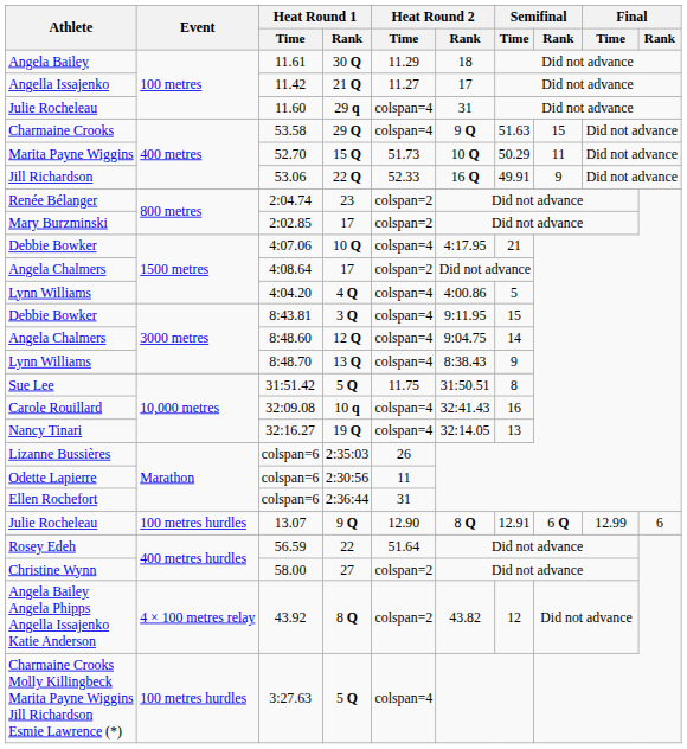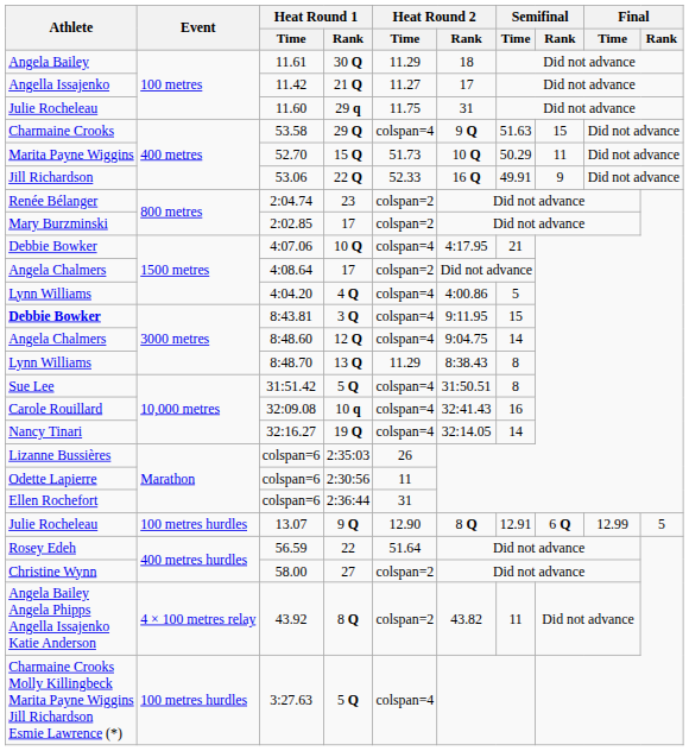 <table class=wikitable style="font-size:90%; text-align:center">
 <tr>
 <th rowspan=2>Athlete</th>
 <th rowspan=2>Event</th>
 <th colspan=2>Heat Round 1</th>
 <th colspan=2>Heat Round 2</th>
 <th colspan=2>Semifinal</th>
 <th colspan=2>Final</th>
 </tr>
 <tr style=font-size:95%>
 <th>Time</th>
 <th>Rank</th>
 <th>Time</th>
 <th>Rank</th>
 <th>Time</th>
 <th>Rank</th>
 <th>Time</th>
 <th>Rank</th>
 </tr>
 <tr align=center>
 <td align=left><a href='#'>Angela Bailey</a></td>
 <td align=left rowspan=3><a href='#'>100 metres</a></td>
 <td>11.61</td>
 <td>30 <strong>Q</strong></td>
 <td>11.29</td>
 <td>18</td>
 <td colspan=4>Did not advance</td>
 </tr>
 <tr align=center>
 <td align=left><a href='#'>Angella Issajenko</a></td>
 <td>11.42</td>
 <td>21 <strong>Q</strong></td>
 <td>11.27</td>
 <td>17</td>
 <td colspan=4>Did not advance</td>
 </tr>
 <tr align=center>
 <td align=left><a href='#'>Julie Rocheleau</a></td>
 <td>11.60</td>
 <td>29 <strong>q</strong></td>
-<td>colspan=4</td>
+<td>11.75</td>
 <td>31</td>
 <td colspan=4>Did not advance</td>
 </tr>
 <tr align=center>
 <td align=left><a href='#'>Charmaine Crooks</a></td>
 <td align=left rowspan=3><a href='#'>400 metres</a></td>
 <td>53.58</td>
 <td>29 <strong>Q</strong></td>
 <td>colspan=4</td>
 <td>9 <strong>Q</strong></td>
 <td>51.63</td>
 <td>15</td>
 <td colspan=2>Did not advance</td>
 </tr>
 <tr align=center>
 <td align=left><a href='#'>Marita Payne Wiggins</a></td>
 <td>52.70</td>
 <td>15 <strong>Q</strong></td>
 <td>51.73</td>
 <td>10 <strong>Q</strong></td>
 <td>50.29</td>
 <td>11</td>
 <td colspan=2>Did not advance</td>
 </tr>
 <tr align=center>
 <td align=left><a href='#'>Jill Richardson</a></td>
 <td>53.06</td>
 <td>22 <strong>Q</strong></td>
 <td>52.33</td>
 <td>16 <strong>Q</strong></td>
 <td>49.91</td>
 <td>9</td>
 <td colspan=2>Did not advance</td>
 </tr>
 <tr align=center>
 <td align=left><a href='#'>Renée Bélanger</a></td>
 <td align=left rowspan=2><a href='#'>800 metres</a></td>
 <td>2:04.74</td>
 <td>23</td>
 <td>colspan=2</td>
 <td colspan=4>Did not advance</td>
 </tr>
 <tr align=center>
 <td align=left><a href='#'>Mary Burzminski</a></td>
 <td>2:02.85</td>
 <td>17</td>
 <td>colspan=2</td>
 <td colspan=4>Did not advance</td>
 </tr>
 <tr align=center>
 <td align=left><a href='#'>Debbie Bowker</a></td>
 <td align=left rowspan=3><a href='#'>1500 metres</a></td>
 <td>4:07.06</td>
 <td>10 <strong>Q</strong></td>
 <td>colspan=4</td>
 <td>4:17.95</td>
 <td>21</td>
 </tr>
 <tr align=center>
 <td align=left><a href='#'>Angela Chalmers</a></td>
 <td>4:08.64</td>
 <td>17</td>
 <td>colspan=2</td>
 <td colspan=2>Did not advance</td>
 </tr>
 <tr align=center>
 <td align=left><a href='#'>Lynn Williams</a></td>
 <td>4:04.20</td>
 <td>4 <strong>Q</strong></td>
 <td>colspan=4</td>
 <td>4:00.86</td>
 <td>5</td>
 </tr>
 <tr align=center>
-<td align=left><a href='#'>Debbie Bowker</a></td>
+<td align=left><strong><a href='#'>Debbie Bowker</a></strong></td>
 <td align=left rowspan=3><a href='#'>3000 metres</a></td>
 <td>8:43.81</td>
 <td>3 <strong>Q</strong></td>
 <td>colspan=4</td>
 <td>9:11.95</td>
 <td>15</td>
 </tr>
 <tr align=center>
 <td align=left><a href='#'>Angela Chalmers</a></td>
 <td>8:48.60</td>
 <td>12 <strong>Q</strong></td>
 <td>colspan=4</td>
 <td>9:04.75</td>
 <td>14</td>
 </tr>
 <tr align=center>
 <td align=left><a href='#'>Lynn Williams</a></td>
 <td>8:48.70</td>
 <td>13 <strong>Q</strong></td>
-<td>colspan=4</td>
+<td>11.29</td>
 <td>8:38.43</td>
-<td>9</td>
+<td>8</td>
 </tr>
 <tr align=center>
 <td align=left><a href='#'>Sue Lee</a></td>
 <td align=left rowspan=3><a href='#'>10,000 metres</a></td>
 <td>31:51.42</td>
 <td>5 <strong>Q</strong></td>
-<td>11.75</td>
+<td>colspan=4</td>
 <td>31:50.51</td>
 <td>8</td>
 </tr>
 <tr align=center>
 <td align=left><a href='#'>Carole Rouillard</a></td>
 <td>32:09.08</td>
 <td>10 <strong>q</strong></td>
 <td>colspan=4</td>
 <td>32:41.43</td>
 <td>16</td>
 </tr>
 <tr align=center>
 <td align=left><a href='#'>Nancy Tinari</a></td>
 <td>32:16.27</td>
 <td>19 <strong>Q</strong></td>
 <td>colspan=4</td>
 <td>32:14.05</td>
-<td>13</td>
+<td>14</td>
 </tr>
 <tr align=center>
 <td align=left><a href='#'>Lizanne Bussières</a></td>
 <td align=left rowspan=3><a href='#'>Marathon</a></td>
 <td>colspan=6</td>
 <td>2:35:03</td>
 <td>26</td>
 </tr>
 <tr align=center>
 <td align=left><a href='#'>Odette Lapierre</a></td>
 <td>colspan=6</td>
 <td>2:30:56</td>
 <td>11</td>
 </tr>
 <tr align=center>
 <td align=left><a href='#'>Ellen Rochefort</a></td>
 <td>colspan=6</td>
 <td>2:36:44</td>
 <td>31</td>
 </tr>
 <tr align=center>
 <td align=left><a href='#'>Julie Rocheleau</a></td>
 <td align=left><a href='#'>100 metres hurdles</a></td>
 <td>13.07</td>
 <td>9 <strong>Q</strong></td>
 <td>12.90</td>
 <td>8 <strong>Q</strong></td>
 <td>12.91</td>
 <td>6 <strong>Q</strong></td>
 <td>12.99</td>
-<td>6</td>
+<td>5</td>
 </tr>
 <tr align=center>
 <td align=left><a href='#'>Rosey Edeh</a></td>
 <td align=left rowspan=2><a href='#'>400 metres hurdles</a></td>
 <td>56.59</td>
 <td>22</td>
 <td>51.64</td>
 <td colspan=4>Did not advance</td>
 </tr>
 <tr align=center>
 <td align=left><a href='#'>Christine Wynn</a></td>
 <td>58.00</td>
 <td>27</td>
 <td>colspan=2</td>
 <td colspan=4>Did not advance</td>
 </tr>
 <tr align=center>
 <td align=left><a href='#'>Angela Bailey</a><br><a href='#'>Angela Phipps</a><br><a href='#'>Angella Issajenko</a><br><a href='#'>Katie Anderson</a></td>
 <td align=left><a href='#'>4 × 100 metres relay</a></td>
 <td>43.92</td>
 <td>8 <strong>Q</strong></td>
 <td>colspan=2</td>
 <td>43.82</td>
-<td>12</td>
+<td>11</td>
 <td colspan=2>Did not advance</td>
 </tr>
 <tr align=center>
 <td align=left><a href='#'>Charmaine Crooks</a><br><a href='#'>Molly Killingbeck</a><br><a href='#'>Marita Payne Wiggins</a><br><a href='#'>Jill Richardson</a><br><a href='#'>Esmie Lawrence</a> (*)</td>
 <td align=left><a href='#'>100 metres hurdles</a></td>
 <td>3:27.63</td>
 <td>5 <strong>Q</strong></td>
 <td>colspan=4</td>
 <td colspan=2></td>
 </tr>
 </table>
